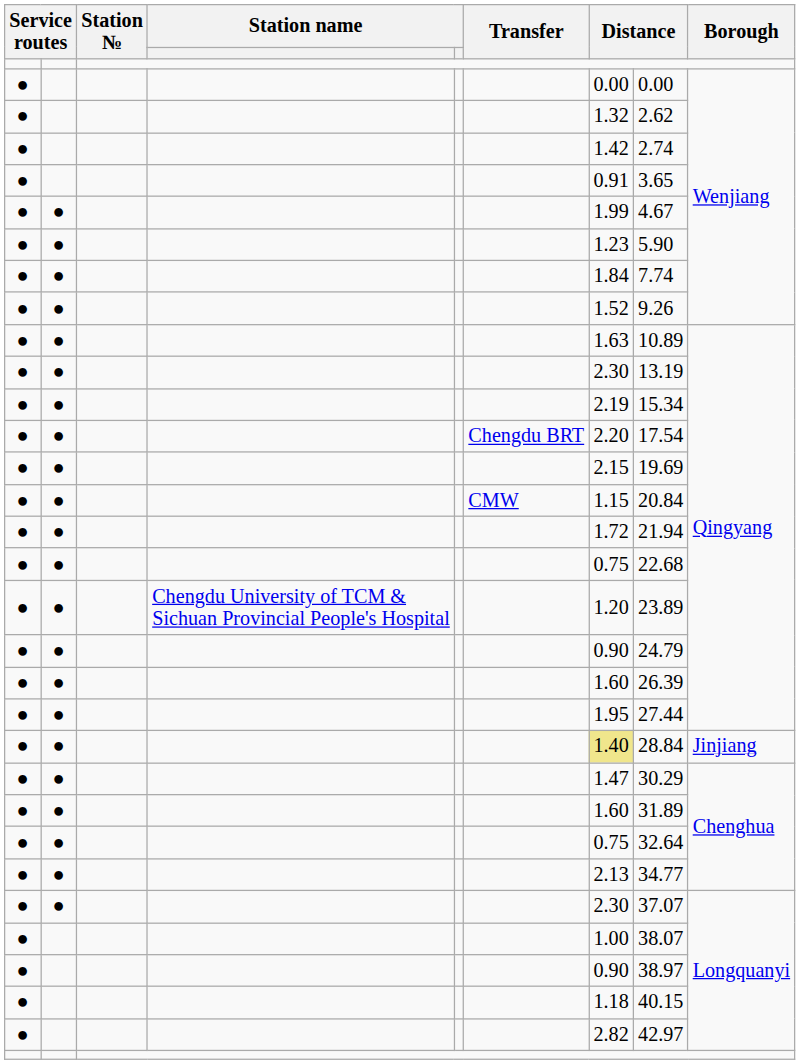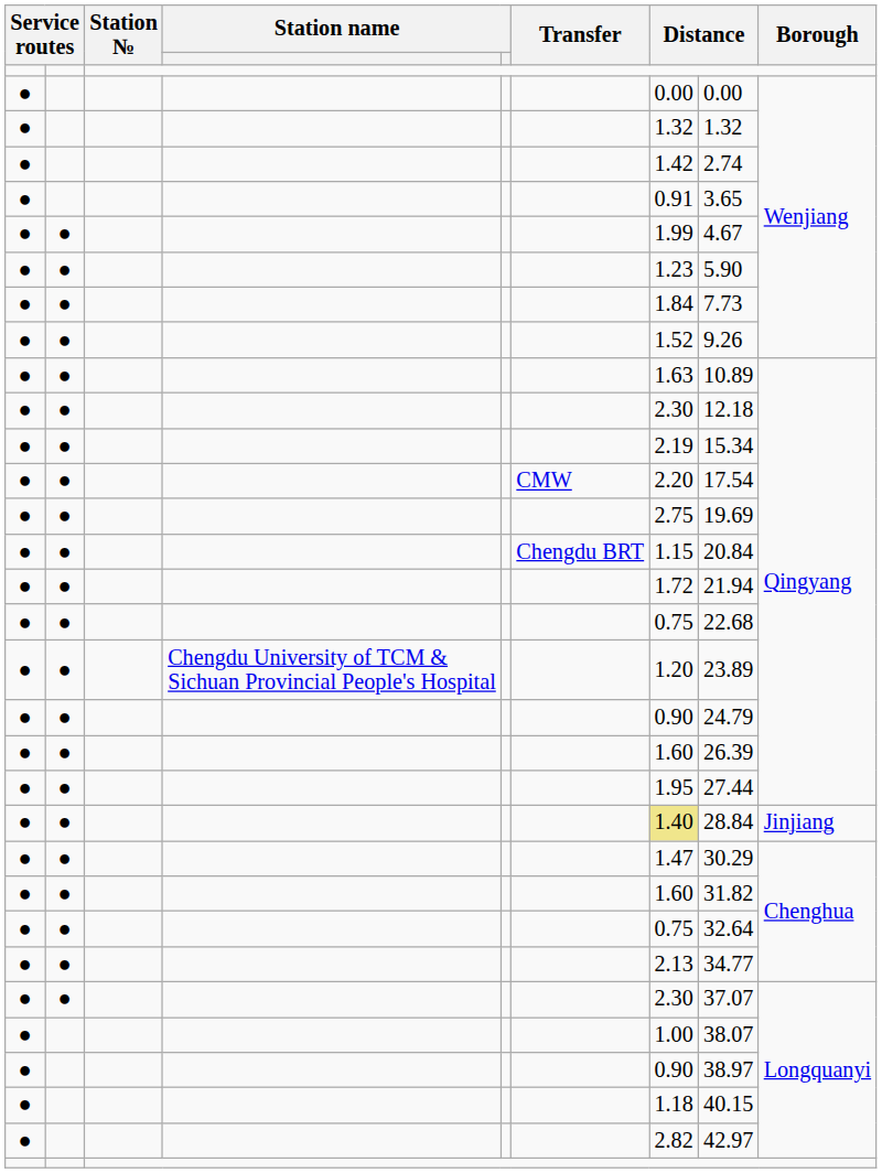 <table class="wikitable">
 <tr>
 <th colspan="2" rowspan="2">Service<br>routes</th>
 <th rowspan="2">Station<br>№</th>
 <th colspan=2>Station name</th>
 <th rowspan=2>Transfer</th>
 <th colspan="2" rowspan="2">Distance<br></th>
 <th rowspan=2>Borough</th>
 </tr>
 <tr>
 <th></th>
 <th></th>
 </tr>
 <tr style="background:#">
 <td></td>
 <td></td>
 <td colspan="7"></td>
 </tr>
 <tr>
 <td align="center">●</td>
 <td></td>
 <td></td>
 <td></td>
 <td></td>
 <td></td>
 <td>0.00</td>
 <td>0.00</td>
 <td rowspan="8"><a href='#'>Wenjiang</a></td>
 </tr>
 <tr>
 <td align="center">●</td>
 <td></td>
 <td></td>
 <td></td>
 <td></td>
 <td></td>
 <td>1.32</td>
-<td>2.62</td>
+<td>1.32</td>
 </tr>
 <tr>
 <td align="center">●</td>
 <td></td>
 <td></td>
 <td></td>
 <td></td>
 <td></td>
 <td>1.42</td>
 <td>2.74</td>
 </tr>
 <tr>
 <td align="center">●</td>
 <td></td>
 <td></td>
 <td></td>
 <td></td>
 <td></td>
 <td>0.91</td>
 <td>3.65</td>
 </tr>
 <tr>
 <td align="center">●</td>
 <td align="center">●</td>
 <td></td>
 <td></td>
 <td></td>
 <td></td>
 <td>1.99</td>
 <td>4.67</td>
 </tr>
 <tr>
 <td align="center">●</td>
 <td align="center">●</td>
 <td></td>
 <td></td>
 <td></td>
 <td></td>
 <td>1.23</td>
 <td>5.90</td>
 </tr>
 <tr>
 <td align="center">●</td>
 <td align="center">●</td>
 <td></td>
 <td></td>
 <td></td>
 <td></td>
 <td>1.84</td>
-<td>7.74</td>
+<td>7.73</td>
 </tr>
 <tr>
 <td align="center">●</td>
 <td align="center">●</td>
 <td></td>
 <td></td>
 <td></td>
 <td></td>
 <td>1.52</td>
 <td>9.26</td>
 </tr>
 <tr>
 <td align="center">●</td>
 <td align="center">●</td>
 <td></td>
 <td></td>
 <td></td>
 <td></td>
 <td>1.63</td>
 <td>10.89</td>
 <td rowspan="12"><a href='#'>Qingyang</a></td>
 </tr>
 <tr>
 <td align="center">●</td>
 <td align="center">●</td>
 <td></td>
 <td></td>
 <td></td>
 <td></td>
 <td>2.30</td>
-<td>13.19</td>
+<td>12.18</td>
 </tr>
 <tr>
 <td align="center">●</td>
 <td align="center">●</td>
 <td></td>
 <td></td>
 <td></td>
 <td></td>
 <td>2.19</td>
 <td>15.34</td>
 </tr>
 <tr>
 <td align="center">●</td>
 <td align="center">●</td>
 <td></td>
 <td></td>
 <td></td>
-<td>  <a href='#'>Chengdu BRT</a></td>
+<td> <a href='#'>CMW</a><br> </td>
 <td>2.20</td>
 <td>17.54</td>
 </tr>
 <tr>
 <td align="center">●</td>
 <td align="center">●</td>
 <td></td>
 <td></td>
 <td></td>
 <td></td>
-<td>2.15</td>
+<td>2.75</td>
 <td>19.69</td>
 </tr>
 <tr>
 <td align="center">●</td>
 <td align="center">●</td>
 <td></td>
 <td></td>
 <td></td>
-<td> <a href='#'>CMW</a><br> </td>
+<td>  <a href='#'>Chengdu BRT</a></td>
 <td>1.15</td>
 <td>20.84</td>
 </tr>
 <tr>
 <td align="center">●</td>
 <td align="center">●</td>
 <td></td>
 <td></td>
 <td></td>
 <td></td>
 <td>1.72</td>
 <td>21.94</td>
 </tr>
 <tr>
 <td align="center">●</td>
 <td align="center">●</td>
 <td></td>
 <td></td>
 <td></td>
 <td></td>
 <td>0.75</td>
 <td>22.68</td>
 </tr>
 <tr>
 <td align="center">●</td>
 <td align="center">●</td>
 <td></td>
 <td><a href='#'>Chengdu University of TCM &<br>Sichuan Provincial People's Hospital</a></td>
 <td></td>
 <td> </td>
 <td>1.20</td>
 <td>23.89</td>
 </tr>
 <tr>
 <td align="center">●</td>
 <td align="center">●</td>
 <td></td>
 <td></td>
 <td></td>
 <td></td>
 <td>0.90</td>
 <td>24.79</td>
 </tr>
 <tr>
 <td align="center">●</td>
 <td align="center">●</td>
 <td></td>
 <td></td>
 <td></td>
 <td>  </td>
 <td>1.60</td>
 <td>26.39</td>
 </tr>
 <tr>
 <td align="center">●</td>
 <td align="center">●</td>
 <td></td>
 <td></td>
 <td></td>
 <td></td>
 <td>1.95</td>
 <td>27.44</td>
 </tr>
 <tr>
 <td align="center">●</td>
 <td align="center">●</td>
 <td></td>
 <td></td>
 <td></td>
 <td></td>
 <td style="background: khaki;">1.40</td>
 <td>28.84</td>
 <td rowspan="1"><a href='#'>Jinjiang</a></td>
 </tr>
 <tr>
 <td align="center">●</td>
 <td align="center">●</td>
 <td></td>
 <td></td>
 <td></td>
 <td></td>
 <td>1.47</td>
 <td>30.29</td>
 <td rowspan="4"><a href='#'>Chenghua</a></td>
 </tr>
 <tr>
 <td align="center">●</td>
 <td align="center">●</td>
 <td></td>
 <td></td>
 <td></td>
 <td></td>
 <td>1.60</td>
-<td>31.89</td>
+<td>31.82</td>
 </tr>
 <tr>
 <td align="center">●</td>
 <td align="center">●</td>
 <td></td>
 <td></td>
 <td></td>
 <td></td>
 <td>0.75</td>
 <td>32.64</td>
 </tr>
 <tr>
 <td align="center">●</td>
 <td align="center">●</td>
 <td></td>
 <td></td>
 <td></td>
 <td></td>
 <td>2.13</td>
 <td>34.77</td>
 </tr>
 <tr>
 <td align="center">●</td>
 <td align="center">●</td>
 <td></td>
 <td></td>
 <td></td>
 <td></td>
 <td>2.30</td>
 <td>37.07</td>
 <td rowspan="5"><a href='#'>Longquanyi</a></td>
 </tr>
 <tr>
 <td align="center">●</td>
 <td></td>
 <td></td>
 <td></td>
 <td></td>
 <td></td>
 <td>1.00</td>
 <td>38.07</td>
 </tr>
 <tr>
 <td align="center">●</td>
 <td></td>
 <td></td>
 <td></td>
 <td></td>
 <td></td>
 <td>0.90</td>
 <td>38.97</td>
 </tr>
 <tr>
 <td align="center">●</td>
 <td></td>
 <td></td>
 <td></td>
 <td></td>
 <td></td>
 <td>1.18</td>
 <td>40.15</td>
 </tr>
 <tr>
 <td align="center">●</td>
 <td></td>
 <td></td>
 <td></td>
 <td></td>
 <td></td>
 <td>2.82</td>
 <td>42.97</td>
 </tr>
 <tr style="background:#">
 <td></td>
 <td></td>
 <td colspan="7"></td>
 </tr>
 </table>
